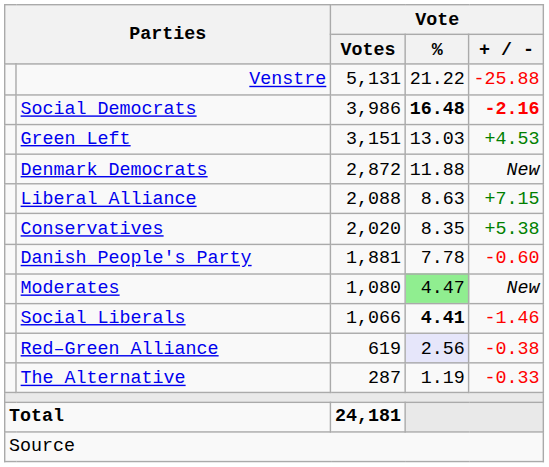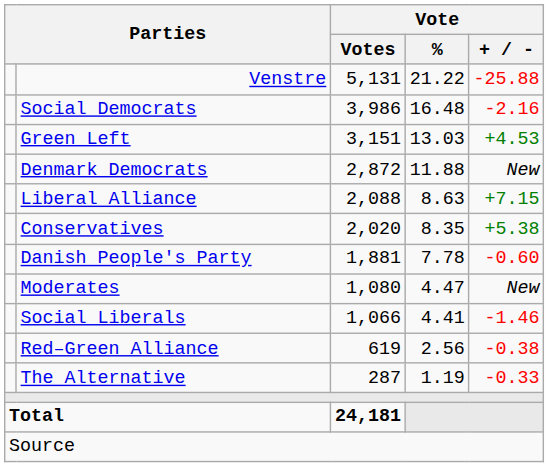 <table class="wikitable" style="text-align:right;">
 <tr>
 <th style="text-align:centre;" rowspan="2" colspan="2" width="225">Parties</th>
 <th colspan="3">Vote</th>
 </tr>
 <tr>
 <th width="15">Votes</th>
 <th width="15">%</th>
 <th width="15">+ / -</th>
 </tr>
 <tr>
 <td width=2 bgcolor=></td>
 <td><a href='#'>Venstre</a></td>
 <td>5,131</td>
 <td>21.22</td>
 <td style=color:red;>-25.88</td>
 </tr>
 <tr>
 <td width=2 bgcolor=></td>
 <td align=left><a href='#'>Social Democrats</a></td>
 <td>3,986</td>
-<td><strong>16.48</strong></td>
-<td style=color:red;><strong>-2.16</strong></td>
+<td>16.48</td>
+<td style=color:red;>-2.16</td>
 </tr>
 <tr>
 <td width=2 bgcolor=></td>
 <td align=left><a href='#'>Green Left</a></td>
 <td>3,151</td>
 <td>13.03</td>
 <td style=color:green;>+4.53</td>
 </tr>
 <tr>
 <td width=2 bgcolor=></td>
 <td align=left><a href='#'>Denmark Democrats</a></td>
 <td>2,872</td>
 <td>11.88</td>
 <td><em>New</em></td>
 </tr>
 <tr>
 <td width=2 bgcolor=></td>
 <td align=left><a href='#'>Liberal Alliance</a></td>
 <td>2,088</td>
 <td>8.63</td>
 <td style=color:green;>+7.15</td>
 </tr>
 <tr>
 <td width=2 bgcolor=></td>
 <td align=left><a href='#'>Conservatives</a></td>
 <td>2,020</td>
 <td>8.35</td>
 <td style=color:green;>+5.38</td>
 </tr>
 <tr>
 <td width=2 bgcolor=></td>
 <td align=left><a href='#'>Danish People's Party</a></td>
 <td>1,881</td>
 <td>7.78</td>
 <td style=color:red;>-0.60</td>
 </tr>
 <tr>
 <td width=2 bgcolor=></td>
 <td align=left><a href='#'>Moderates</a></td>
 <td>1,080</td>
-<td style="background: lightgreen;">4.47</td>
+<td>4.47</td>
 <td><em>New</em></td>
 </tr>
 <tr>
 <td width=2 bgcolor=></td>
 <td align=left><a href='#'>Social Liberals</a></td>
 <td>1,066</td>
-<td><strong>4.41</strong></td>
+<td>4.41</td>
 <td style=color:red;>-1.46</td>
 </tr>
 <tr>
 <td width=2 bgcolor=></td>
 <td align=left><a href='#'>Red–Green Alliance</a></td>
 <td>619</td>
-<td style="background: lavender;">2.56</td>
+<td>2.56</td>
 <td style=color:red;>-0.38</td>
 </tr>
 <tr>
 <td width=2 bgcolor=></td>
 <td align=left><a href='#'>The Alternative</a></td>
 <td>287</td>
 <td>1.19</td>
 <td style=color:red;>-0.33</td>
 </tr>
 <tr>
 <td colspan="7" bgcolor="#E9E9E9"></td>
 </tr>
 <tr>
 <td align="left" colspan="2"><strong>Total</strong></td>
 <td><strong>24,181</strong></td>
 <td bgcolor=#E9E9E9 colspan=2></td>
 </tr>
 <tr>
 <td align="left" colspan="6">Source</td>
 </tr>
 </table>
